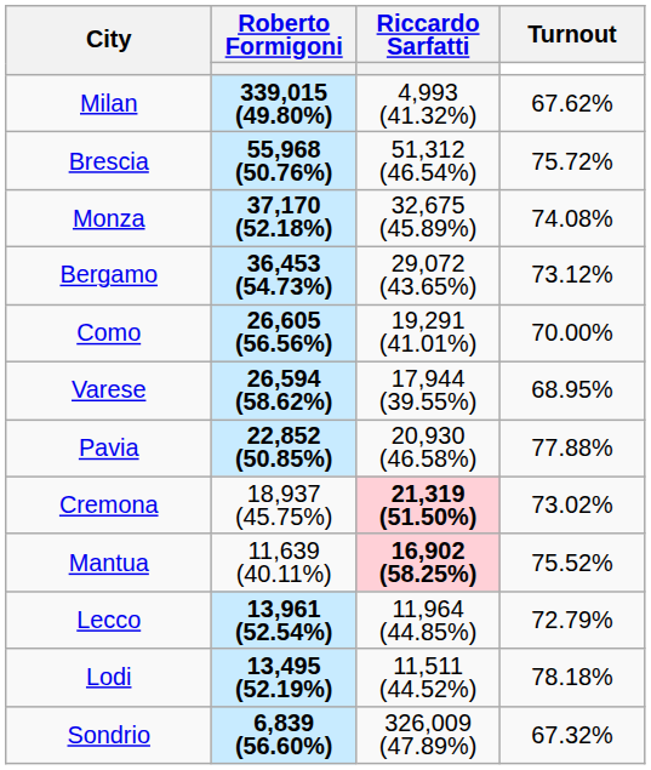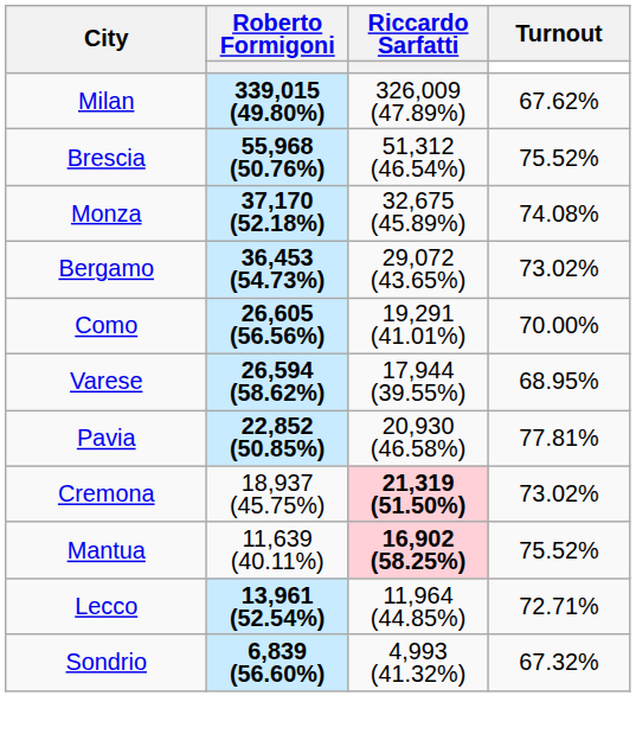 <table class="wikitable" style="text-align:center;font-size:85%;line-height:13px">
 <tr style="height:30px; background-color:#E9E9E9">
 <th style="width:110px;" rowspan="2">City</th>
 <th style="width:75px;"><a href='#'>Roberto Formigoni</a></th>
 <th style="width:75px;"><a href='#'>Riccardo Sarfatti</a></th>
 <th style="width:75px;">Turnout</th>
 </tr>
 <tr>
 <th style="background:"></th>
 <th style="background:"></th>
 <th style="background:white;"></th>
 </tr>
 <tr>
 <td><a href='#'>Milan</a></td>
 <td style="background:#C8EBFF"><strong>339,015 <br>(49.80%)</strong></td>
-<td>4,993 <br>(41.32%)</td>
+<td>326,009 <br>(47.89%)</td>
 <td>67.62%</td>
 </tr>
 <tr>
 <td><a href='#'>Brescia</a></td>
 <td style="background:#C8EBFF"><strong>55,968 <br>(50.76%)</strong></td>
 <td>51,312 <br>(46.54%)</td>
-<td>75.72%</td>
+<td>75.52%</td>
 </tr>
 <tr>
 <td><a href='#'>Monza</a></td>
 <td style="background:#C8EBFF"><strong>37,170 <br>(52.18%)</strong></td>
 <td>32,675 <br>(45.89%)</td>
 <td>74.08%</td>
 </tr>
 <tr>
 <td><a href='#'>Bergamo</a></td>
 <td style="background:#C8EBFF"><strong>36,453 <br>(54.73%)</strong></td>
 <td>29,072 <br>(43.65%)</td>
-<td>73.12%</td>
+<td>73.02%</td>
 </tr>
 <tr>
 <td><a href='#'>Como</a></td>
 <td style="background:#C8EBFF"><strong>26,605 <br>(56.56%)</strong></td>
 <td>19,291 <br>(41.01%)</td>
 <td>70.00%</td>
 </tr>
 <tr>
 <td><a href='#'>Varese</a></td>
 <td style="background:#C8EBFF"><strong>26,594 <br>(58.62%)</strong></td>
 <td>17,944 <br>(39.55%)</td>
 <td>68.95%</td>
 </tr>
 <tr>
 <td><a href='#'>Pavia</a></td>
 <td style="background:#C8EBFF"><strong>22,852 <br>(50.85%)</strong></td>
 <td>20,930 <br>(46.58%)</td>
-<td>77.88%</td>
+<td>77.81%</td>
 </tr>
 <tr>
 <td><a href='#'>Cremona</a></td>
 <td>18,937 <br>(45.75%)</td>
 <td style="background:#FFD0D7"><strong>21,319 <br>(51.50%)</strong></td>
 <td>73.02%</td>
 </tr>
 <tr>
 <td><a href='#'>Mantua</a></td>
 <td>11,639 <br>(40.11%)</td>
 <td style="background:#FFD0D7"><strong>16,902 <br>(58.25%)</strong></td>
 <td>75.52%</td>
 </tr>
 <tr>
 <td><a href='#'>Lecco</a></td>
 <td style="background:#C8EBFF"><strong>13,961 <br>(52.54%)</strong></td>
 <td>11,964 <br>(44.85%)</td>
-<td>72.79%</td>
-</tr>
-<tr>
-<td><a href='#'>Lodi</a></td>
-<td style="background:#C8EBFF"><strong>13,495 <br>(52.19%)</strong></td>
-<td>11,511 <br>(44.52%)</td>
-<td>78.18%</td>
+<td>72.71%</td>
 </tr>
 <tr>
 <td><a href='#'>Sondrio</a></td>
 <td style="background:#C8EBFF"><strong>6,839 <br>(56.60%)</strong></td>
-<td>326,009 <br>(47.89%)</td>
+<td>4,993 <br>(41.32%)</td>
 <td>67.32%</td>
 </tr>
 </table>
